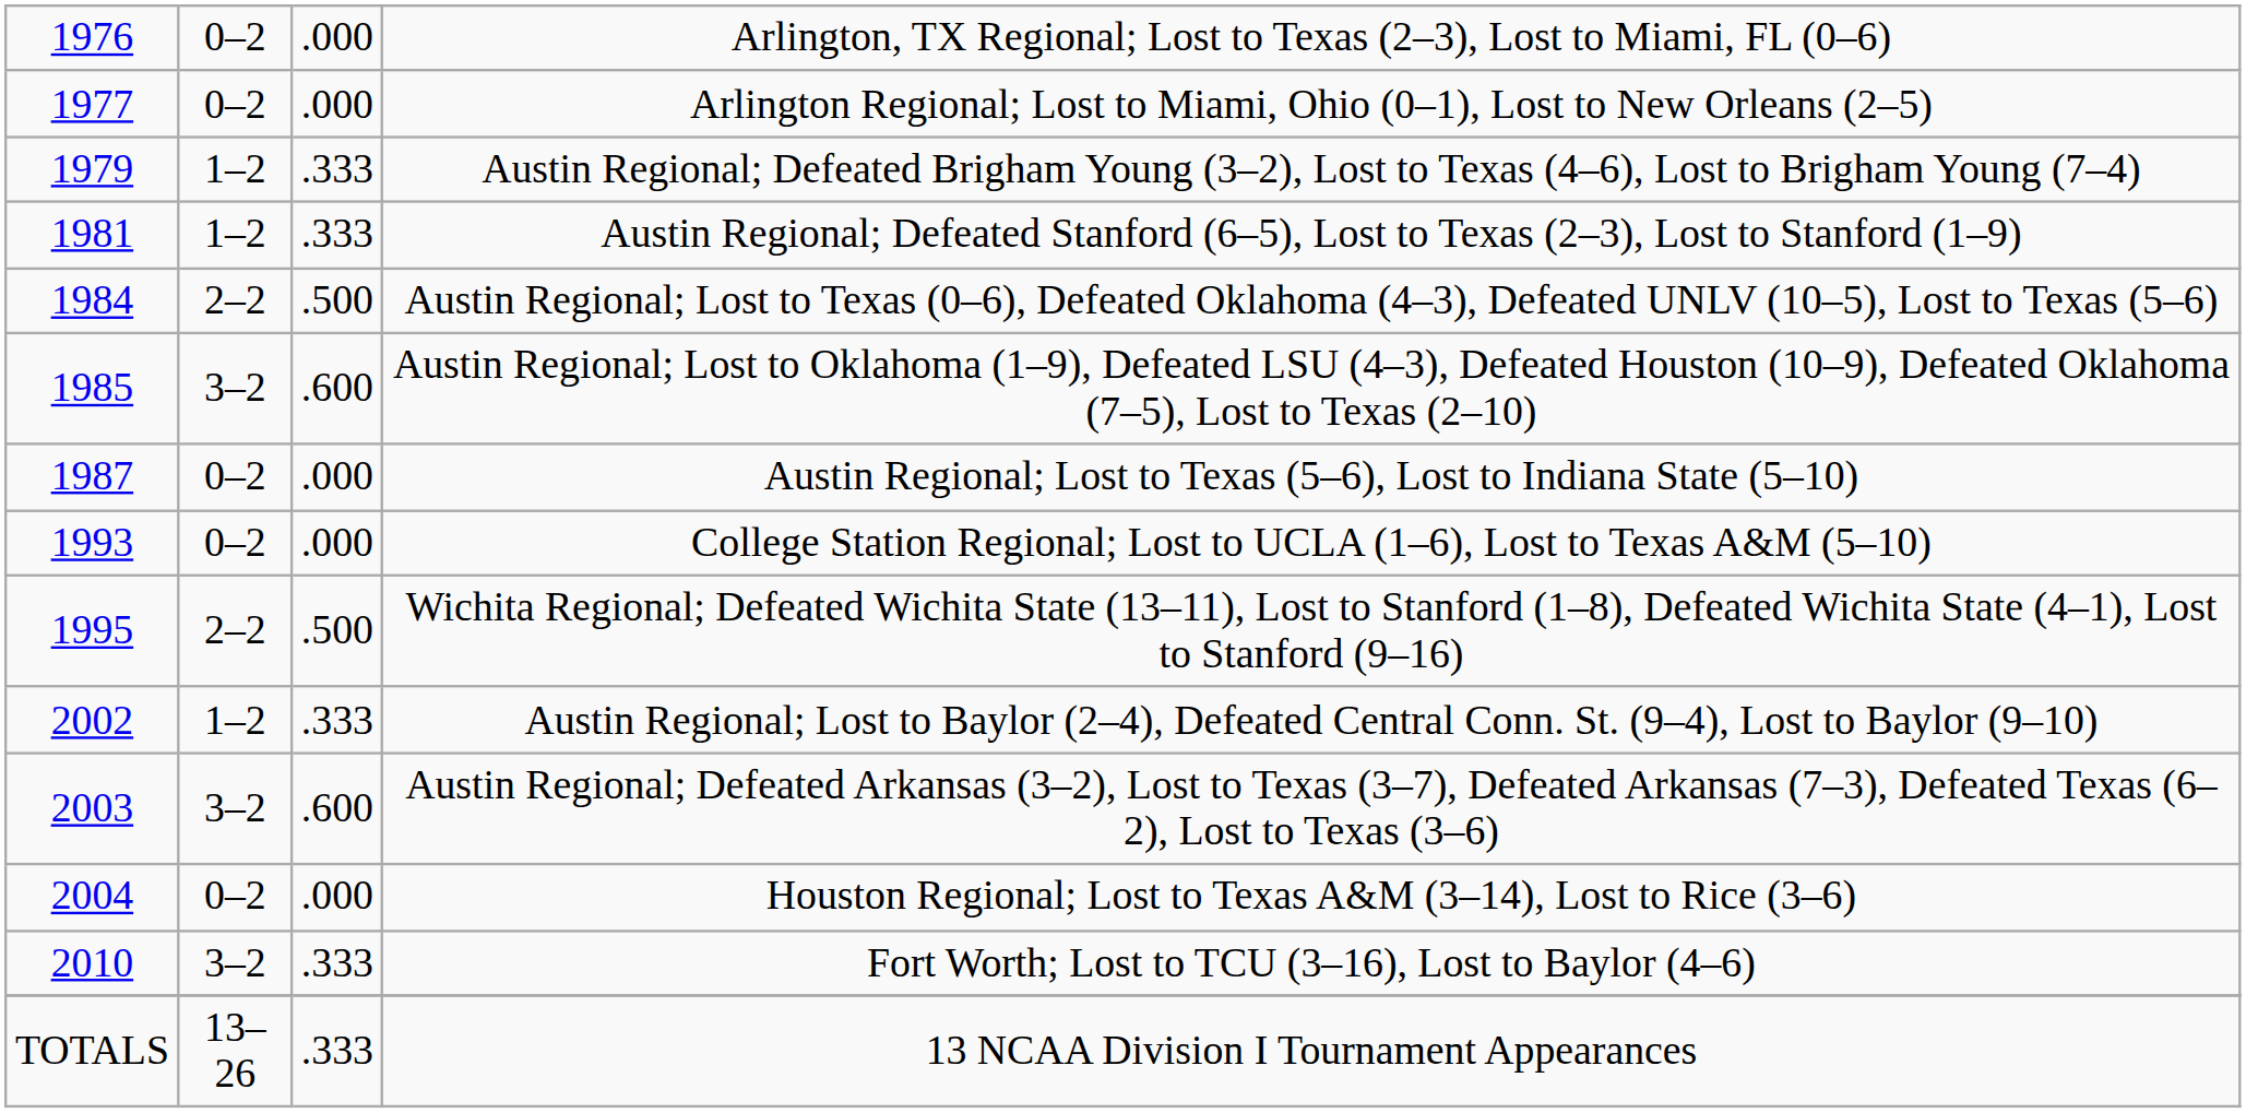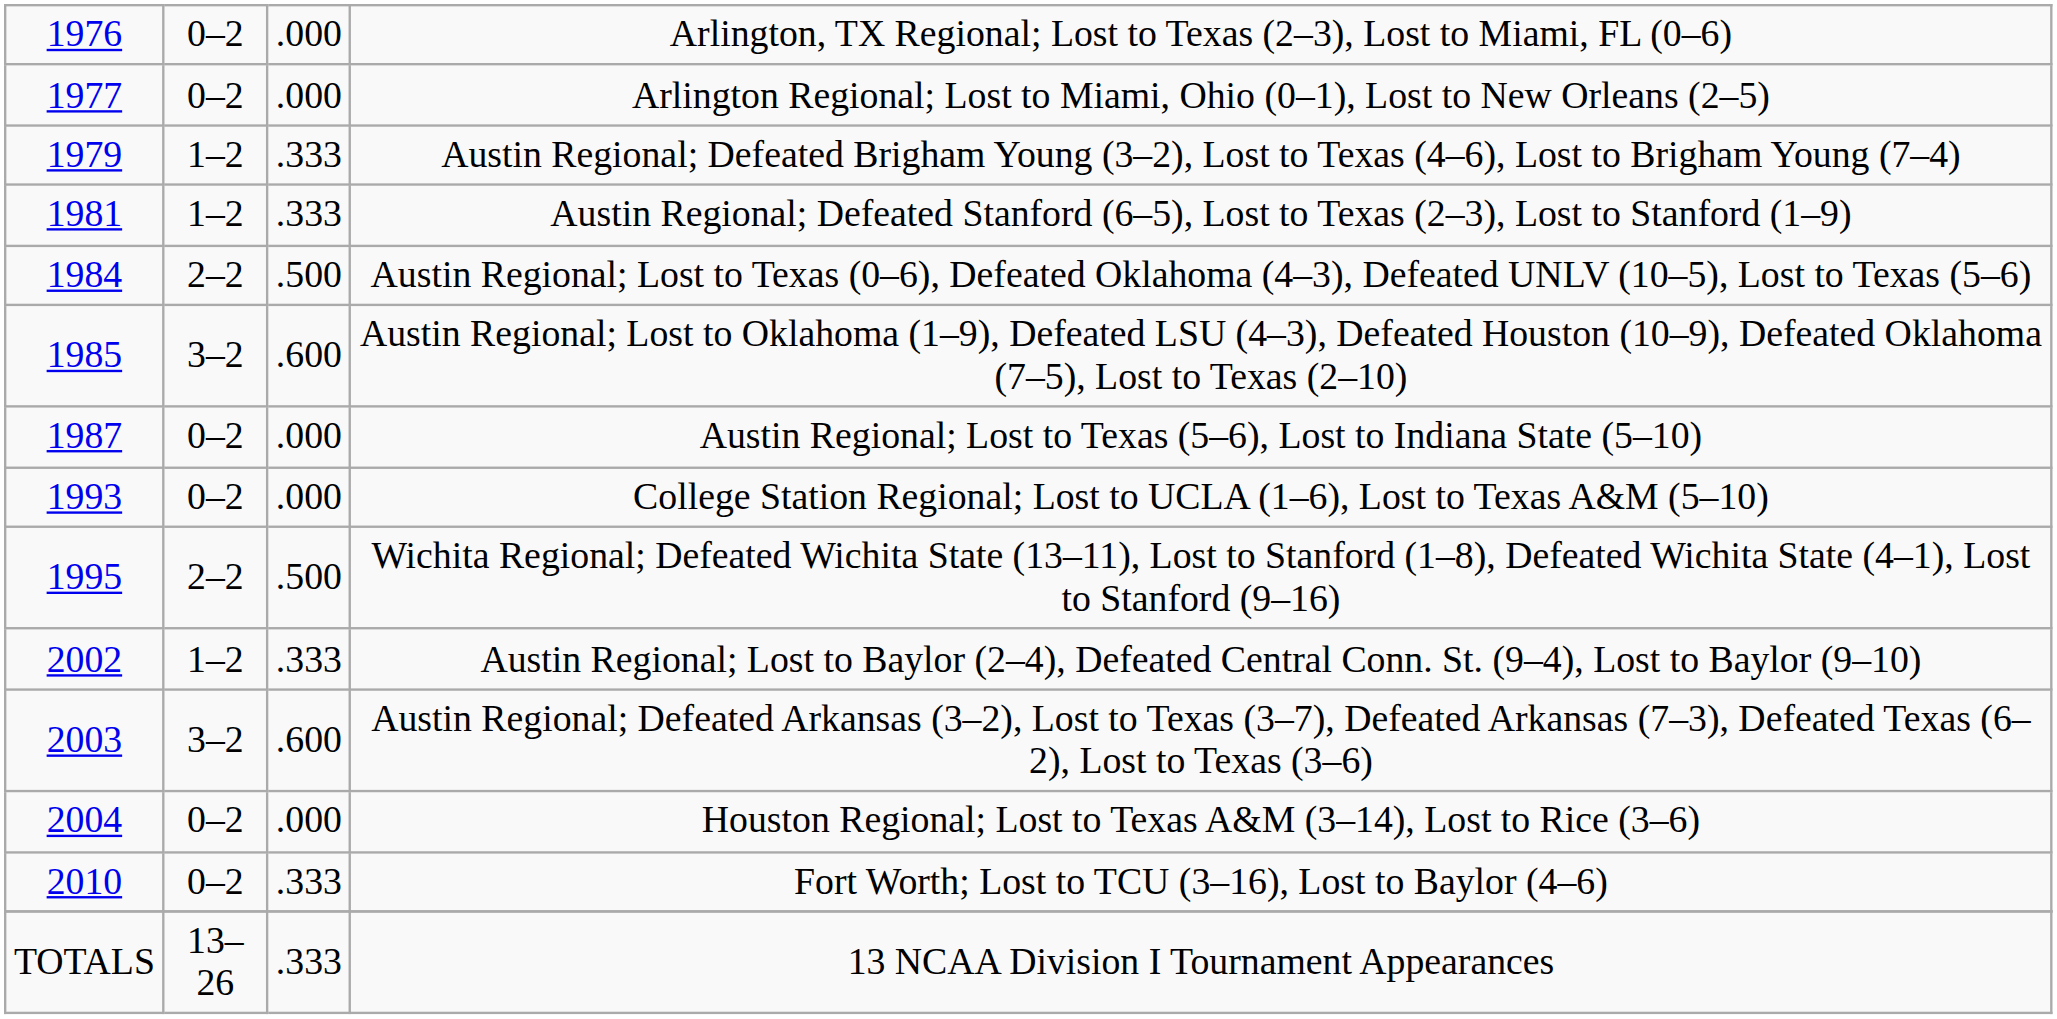 <table class="wikitable sortable" style="text-align:center">
 <tr>
 <td><a href='#'>1976</a></td>
 <td>0–2</td>
 <td>.000</td>
 <td>Arlington, TX Regional; Lost to Texas (2–3), Lost to Miami, FL (0–6)</td>
 </tr>
 <tr>
 <td><a href='#'>1977</a></td>
 <td>0–2</td>
 <td>.000</td>
 <td>Arlington Regional; Lost to Miami, Ohio (0–1), Lost to New Orleans (2–5)</td>
 </tr>
 <tr>
 <td><a href='#'>1979</a></td>
 <td>1–2</td>
 <td>.333</td>
 <td>Austin Regional; Defeated Brigham Young (3–2), Lost to Texas (4–6), Lost to Brigham Young (7–4)</td>
 </tr>
 <tr>
 <td><a href='#'>1981</a></td>
 <td>1–2</td>
 <td>.333</td>
 <td>Austin Regional; Defeated Stanford (6–5), Lost to Texas (2–3), Lost to Stanford (1–9)</td>
 </tr>
 <tr>
 <td><a href='#'>1984</a></td>
 <td>2–2</td>
 <td>.500</td>
 <td>Austin Regional; Lost to Texas (0–6), Defeated Oklahoma (4–3), Defeated UNLV (10–5), Lost to Texas (5–6)</td>
 </tr>
 <tr>
 <td><a href='#'>1985</a></td>
 <td>3–2</td>
 <td>.600</td>
 <td>Austin Regional; Lost to Oklahoma (1–9), Defeated LSU (4–3), Defeated Houston (10–9), Defeated Oklahoma (7–5), Lost to Texas (2–10)</td>
 </tr>
 <tr>
 <td><a href='#'>1987</a></td>
 <td>0–2</td>
 <td>.000</td>
 <td>Austin Regional; Lost to Texas (5–6), Lost to Indiana State (5–10)</td>
 </tr>
 <tr>
 <td><a href='#'>1993</a></td>
 <td>0–2</td>
 <td>.000</td>
 <td>College Station Regional; Lost to UCLA (1–6), Lost to Texas A&M (5–10)</td>
 </tr>
 <tr>
 <td><a href='#'>1995</a></td>
 <td>2–2</td>
 <td>.500</td>
 <td>Wichita Regional; Defeated Wichita State (13–11), Lost to Stanford (1–8), Defeated Wichita State (4–1), Lost to Stanford (9–16)</td>
 </tr>
 <tr>
 <td><a href='#'>2002</a></td>
 <td>1–2</td>
 <td>.333</td>
 <td>Austin Regional; Lost to Baylor (2–4), Defeated Central Conn. St. (9–4), Lost to Baylor (9–10)</td>
 </tr>
 <tr>
 <td><a href='#'>2003</a></td>
 <td>3–2</td>
 <td>.600</td>
 <td>Austin Regional; Defeated Arkansas (3–2), Lost to Texas (3–7), Defeated Arkansas (7–3), Defeated Texas (6–2), Lost to Texas (3–6)</td>
 </tr>
 <tr>
 <td><a href='#'>2004</a></td>
 <td>0–2</td>
 <td>.000</td>
 <td>Houston Regional; Lost to Texas A&M (3–14), Lost to Rice (3–6)</td>
 </tr>
 <tr>
 <td><a href='#'>2010</a></td>
-<td>3–2</td>
+<td>0–2</td>
 <td>.333</td>
 <td>Fort Worth; Lost to TCU (3–16), Lost to Baylor (4–6)</td>
 </tr>
 <tr>
 </tr>
 <tr class="sortbottom">
 <td>TOTALS</td>
 <td>13–26</td>
 <td>.333</td>
 <td>13 NCAA Division I Tournament Appearances</td>
 </tr>
 </table>
